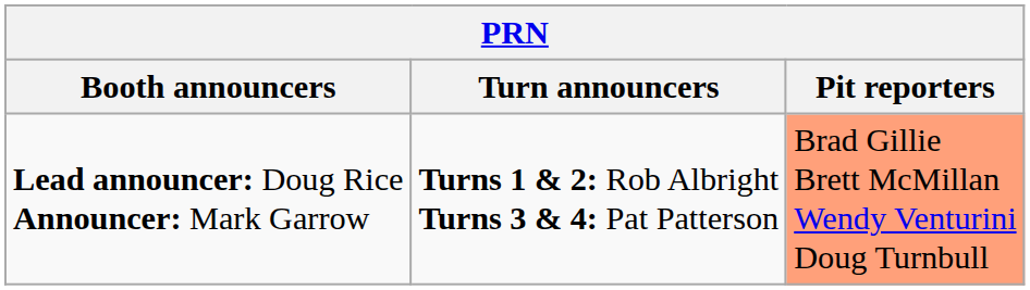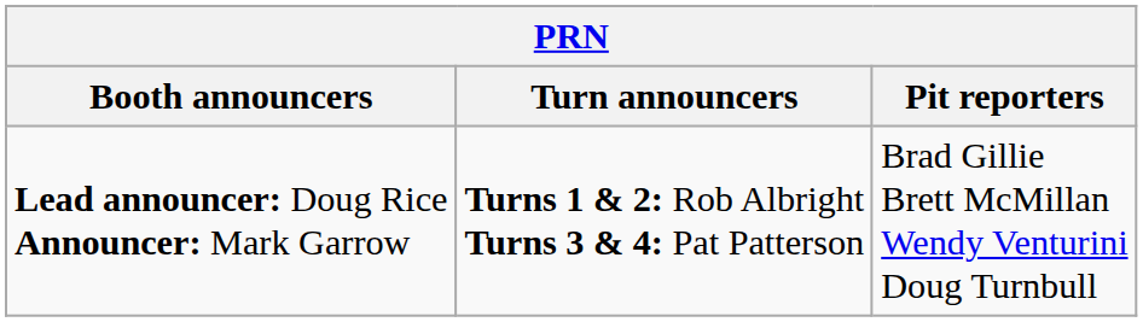 <table class="wikitable" style="font-size: 95%">
 <tr>
 <th colspan="3"><a href='#'>PRN</a></th>
 </tr>
 <tr>
 <th>Booth announcers</th>
 <th>Turn announcers</th>
 <th>Pit reporters</th>
 </tr>
 <tr>
 <td><strong>Lead announcer:</strong> Doug Rice<br><strong>Announcer:</strong> Mark Garrow<br></td>
 <td><strong>Turns 1 & 2:</strong> Rob Albright<br><strong>Turns 3 & 4:</strong> Pat Patterson</td>
-<td style="background: lightsalmon;">Brad Gillie<br>Brett McMillan<br><a href='#'>Wendy Venturini</a><br>Doug Turnbull</td>
+<td>Brad Gillie<br>Brett McMillan<br><a href='#'>Wendy Venturini</a><br>Doug Turnbull</td>
 </tr>
 </table>
